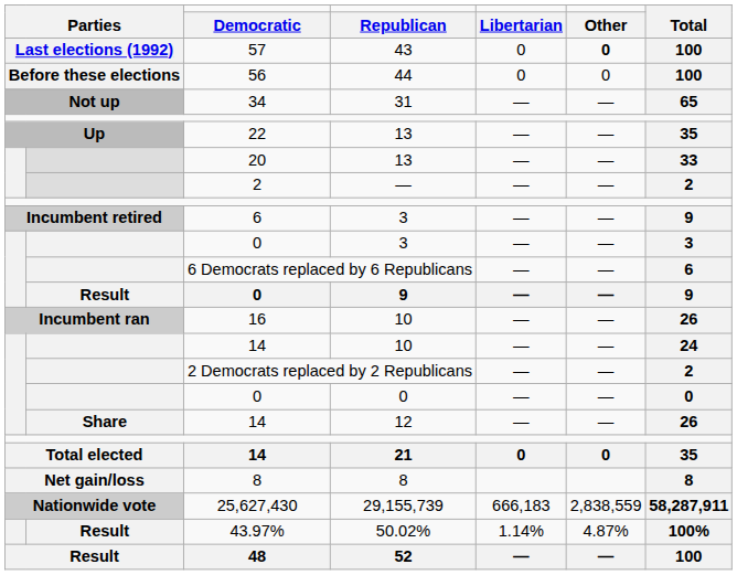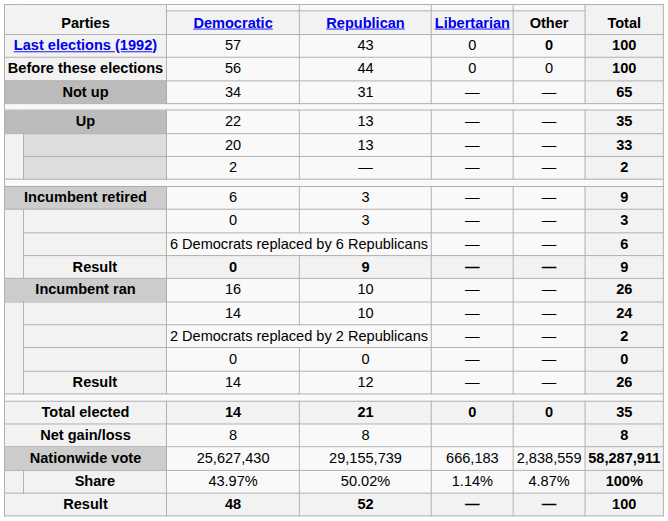 <table class=wikitable style=text-align:center>
 <tr valign=bottom>
 <th rowspan=2 colspan=2>Parties</th>
 <td style="background-color:"></td>
 <td style="background-color:"></td>
 <td style="background-color:"></td>
 <td style="background-color:"></td>
 <th rowspan=2>Total</th>
 </tr>
 <tr valign=bottom>
 <th><a href='#'>Democratic</a></th>
 <th><a href='#'>Republican</a></th>
 <th><a href='#'>Libertarian</a></th>
 <th>Other</th>
 </tr>
 <tr>
 <th colspan=2><a href='#'>Last elections (1992)</a></th>
 <td>57</td>
 <td>43</td>
 <td>0</td>
 <td><strong>0</strong></td>
 <th>100</th>
 </tr>
 <tr>
 <th colspan=2 class=small>Before these elections</th>
 <td>56</td>
 <td>44</td>
 <td>0</td>
 <td>0</td>
 <th>100</th>
 </tr>
 <tr>
 <th colspan=2 style="background:#bbb">Not up</th>
 <td>34</td>
 <td>31</td>
 <td>—</td>
 <td>—</td>
 <th>65</th>
 </tr>
 <tr>
 <td colspan=100></td>
 </tr>
 <tr>
 <th colspan=2 style="background:#bbb">Up</th>
 <td>22</td>
 <td>13</td>
 <td>—</td>
 <td>—</td>
 <th>35</th>
 </tr>
 <tr>
 <th rowspan=2></th>
 <th style="background:#ddd"></th>
 <td>20</td>
 <td>13</td>
 <td>—</td>
 <td>—</td>
 <th>33</th>
 </tr>
 <tr>
 <th style="background:#ddd"></th>
 <td>2</td>
 <td>—</td>
 <td>—</td>
 <td>—</td>
 <th>2</th>
 </tr>
 <tr>
 <td colspan=100></td>
 </tr>
 <tr>
 <th colspan=2 style="background:#ccc">Incumbent retired</th>
 <td>6</td>
 <td>3</td>
 <td>—</td>
 <td>—</td>
 <th>9</th>
 </tr>
 <tr>
 <th rowspan=3></th>
 <th></th>
 <td>0</td>
 <td>3</td>
 <td>—</td>
 <td>—</td>
 <th>3</th>
 </tr>
 <tr>
 <th></th>
 <td colspan=2 >6 Democrats replaced by 6 Republicans</td>
 <td>—</td>
 <td>—</td>
 <th>6</th>
 </tr>
 <tr>
 <th>Result</th>
 <th>0</th>
 <th>9</th>
 <th>—</th>
 <th>—</th>
 <th>9</th>
 </tr>
 <tr>
 <th colspan=2 style="background:#ccc">Incumbent ran</th>
 <td>16</td>
 <td>10</td>
 <td>—</td>
 <td>—</td>
 <th>26</th>
 </tr>
 <tr>
 <th rowspan=4></th>
 <th></th>
 <td>14</td>
 <td>10</td>
 <td>—</td>
 <td>—</td>
 <th>24</th>
 </tr>
 <tr>
 <th></th>
 <td colspan=2 >2 Democrats replaced by 2 Republicans</td>
 <td>—</td>
 <td>—</td>
 <th>2</th>
 </tr>
 <tr>
 <th></th>
 <td>0</td>
 <td>0</td>
 <td>—</td>
 <td>—</td>
 <th>0</th>
 </tr>
 <tr>
-<th>Share</th>
+<th>Result</th>
 <td>14</td>
 <td>12</td>
 <td>—</td>
 <td>—</td>
 <th>26</th>
 </tr>
 <tr>
 <td colspan=100></td>
 </tr>
 <tr>
 <th colspan=2>Total elected</th>
 <th>14</th>
 <th>21</th>
 <th>0</th>
 <th>0</th>
 <th>35</th>
 </tr>
 <tr>
 <th colspan=2>Net gain/loss</th>
 <td> 8</td>
 <td> 8</td>
 <td></td>
 <td></td>
 <th>8</th>
 </tr>
 <tr>
 <th colspan=2 style="background:#ccc">Nationwide vote</th>
 <td>25,627,430</td>
 <td>29,155,739</td>
 <td>666,183</td>
 <td>2,838,559</td>
 <th>58,287,911</th>
 </tr>
 <tr>
 <th></th>
-<th>Result</th>
+<th>Share</th>
 <td>43.97%</td>
 <td>50.02%</td>
 <td>1.14%</td>
 <td>4.87%</td>
 <th>100%</th>
 </tr>
 <tr>
 <th colspan=2>Result</th>
 <th>48</th>
 <th>52</th>
 <th>—</th>
 <th>—</th>
 <th>100</th>
 </tr>
 </table>
